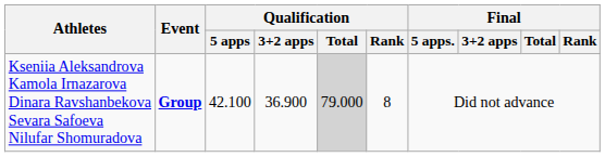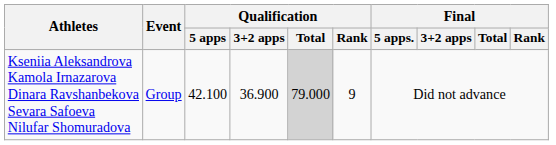 <table class="wikitable" style="font-size:90%">
 <tr>
 <th rowspan="2">Athletes</th>
 <th rowspan="2">Event</th>
 <th colspan="4">Qualification</th>
 <th colspan="4">Final</th>
 </tr>
 <tr style="font-size:95%">
 <th>5 apps</th>
 <th>3+2 apps</th>
 <th>Total</th>
 <th>Rank</th>
 <th>5 apps.</th>
 <th>3+2 apps</th>
 <th>Total</th>
 <th>Rank</th>
 </tr>
 <tr align=center>
 <td align=left><a href='#'>Kseniia Aleksandrova</a><br><a href='#'>Kamola Irnazarova</a><br><a href='#'>Dinara Ravshanbekova</a><br><a href='#'>Sevara Safoeva</a><br><a href='#'>Nilufar Shomuradova</a></td>
-<td align=left><strong><a href='#'>Group</a></strong></td>
+<td align=left><a href='#'>Group</a></td>
 <td>42.100</td>
 <td>36.900</td>
 <td style="background: lightgrey;">79.000</td>
-<td>8</td>
+<td>9</td>
 <td colspan=4>Did not advance</td>
 </tr>
 </table>
